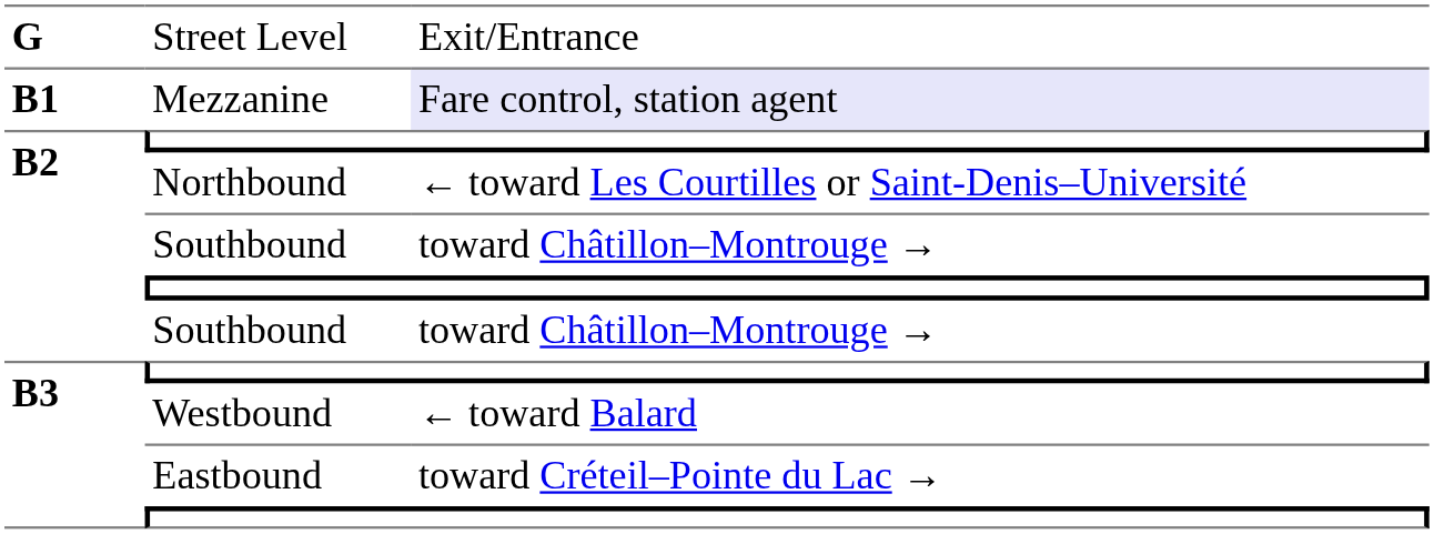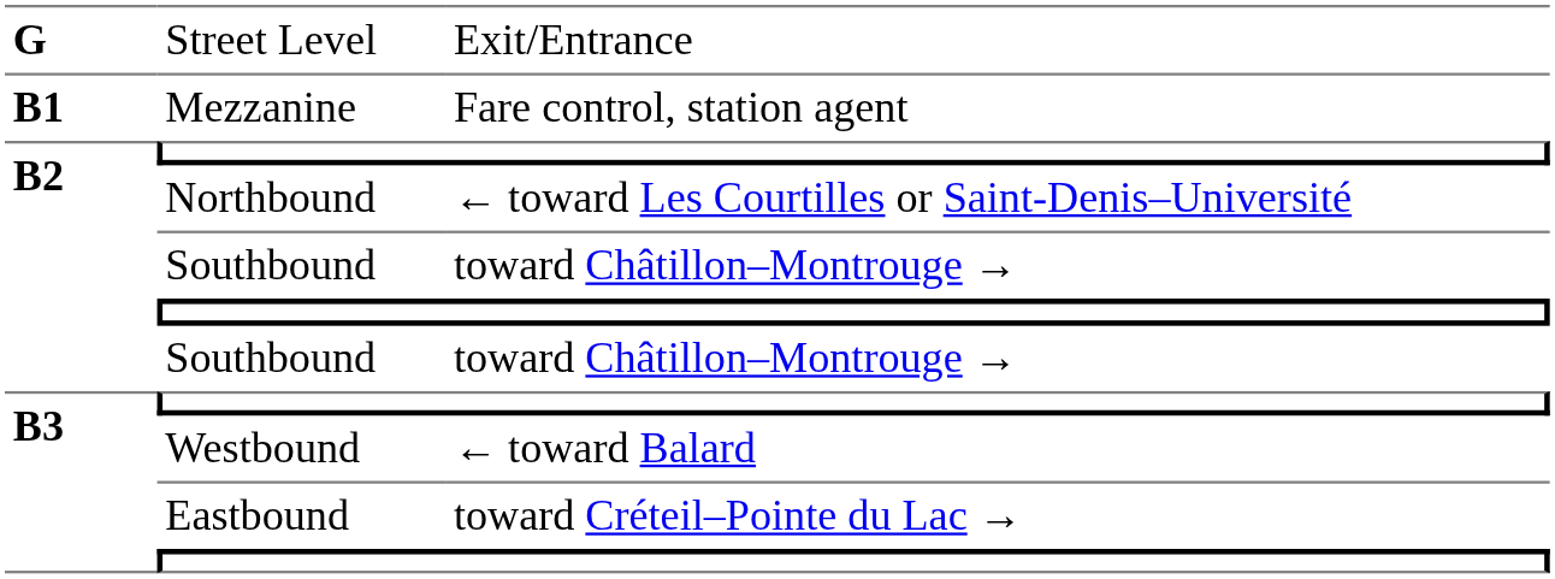 <table border=0 cellspacing=0 cellpadding=3>
 <tr>
 <td style="border-top:solid 1px gray;" width=50 valign=top><strong>G</strong></td>
 <td style="border-top:solid 1px gray;" width=100 valign=top>Street Level</td>
 <td style="border-top:solid 1px gray;" width=400 valign=top>Exit/Entrance</td>
 </tr>
 <tr>
 <td style="border-top:solid 1px gray;" width=50 valign=top><strong>B1</strong></td>
 <td style="border-top:solid 1px gray;" width=100 valign=top>Mezzanine</td>
-<td style="background: lavender; border-top:solid 1px gray;" width=400 valign=top>Fare control, station agent</td>
+<td style="border-top:solid 1px gray;" width=400 valign=top>Fare control, station agent</td>
 </tr>
 <tr>
 <td style="border-top:solid 1px gray;" width=50 rowspan=5 valign=top><strong>B2</strong></td>
 <td style="border-top:solid 1px gray;border-right:solid 2px black;border-left:solid 2px black;border-bottom:solid 2px black;text-align:center;" colspan=2></td>
 </tr>
 <tr>
 <td style="border-bottom:solid 1px gray;" width=100>Northbound</td>
 <td style="border-bottom:solid 1px gray;" width=390>←   toward <a href='#'>Les Courtilles</a> or <a href='#'>Saint-Denis–Université</a> </td>
 </tr>
 <tr>
 <td>Southbound</td>
 <td>   toward <a href='#'>Châtillon–Montrouge</a>  →</td>
 </tr>
 <tr>
 <td style="border-top:solid 2px black;border-right:solid 2px black;border-left:solid 2px black;border-bottom:solid 2px black;text-align:center;" colspan=2></td>
 </tr>
 <tr>
 <td>Southbound</td>
 <td>   toward <a href='#'>Châtillon–Montrouge</a>  →</td>
 </tr>
 <tr>
 <td style="border-top:solid 1px gray;border-bottom:solid 1px gray;" width=50 rowspan=5 valign=top><strong>B3</strong></td>
 </tr>
 <tr>
 <td style="border-top:solid 1px gray;border-right:solid 2px black;border-left:solid 2px black;border-bottom:solid 2px black;text-align:center;" colspan=2></td>
 </tr>
 <tr>
 <td style="border-bottom:solid 1px gray;" width=100>Westbound</td>
 <td style="border-bottom:solid 1px gray;" width=390>←   toward <a href='#'>Balard</a> </td>
 </tr>
 <tr>
 <td>Eastbound</td>
 <td>   toward <a href='#'>Créteil–Pointe du Lac</a>  →</td>
 </tr>
 <tr>
 <td style="border-top:solid 2px black;border-right:solid 2px black;border-left:solid 2px black;border-bottom:solid 1px gray;text-align:center;" colspan=2></td>
 </tr>
 </table>
